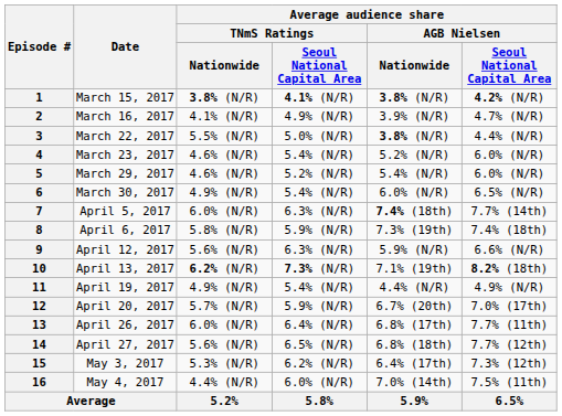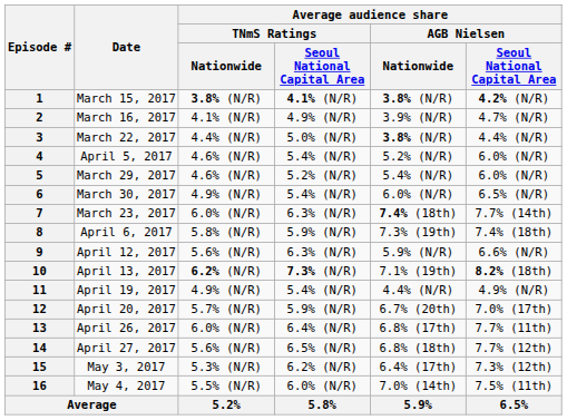 <table class="wikitable" style="text-align:center">
 <tr>
 <th rowspan="3">Episode #</th>
 <th rowspan="3">Date</th>
 <th colspan="4">Average audience share</th>
 </tr>
 <tr>
 <th colspan="2">TNmS Ratings</th>
 <th colspan="2">AGB Nielsen</th>
 </tr>
 <tr>
 <th width="100">Nationwide</th>
 <th width="100"><a href='#'>Seoul National Capital Area</a></th>
 <th width="100">Nationwide</th>
 <th width="100"><a href='#'>Seoul National Capital Area</a></th>
 </tr>
 <tr>
 <th>1</th>
 <td>March 15, 2017</td>
 <td><span><strong>3.8%</strong> (N/R)</span></td>
 <td><span><strong>4.1%</strong> (N/R)</span></td>
 <td><span><strong>3.8%</strong> (N/R)</span></td>
 <td><span><strong>4.2%</strong> (N/R)</span></td>
 </tr>
 <tr>
 <th>2</th>
 <td>March 16, 2017</td>
 <td>4.1% (N/R)</td>
 <td>4.9% (N/R)</td>
 <td>3.9% (N/R)</td>
 <td>4.7% (N/R)</td>
 </tr>
 <tr>
 <th>3</th>
 <td>March 22, 2017</td>
-<td>5.5% (N/R)</td>
+<td>4.4% (N/R)</td>
 <td>5.0% (N/R)</td>
 <td><span><strong>3.8%</strong> (N/R)</span></td>
 <td>4.4% (N/R)</td>
 </tr>
 <tr>
 <th>4</th>
-<td>March 23, 2017</td>
+<td>April 5, 2017</td>
 <td>4.6% (N/R)</td>
 <td>5.4% (N/R)</td>
 <td>5.2% (N/R)</td>
 <td>6.0% (N/R)</td>
 </tr>
 <tr>
 <th>5</th>
 <td>March 29, 2017</td>
 <td>4.6% (N/R)</td>
 <td>5.2% (N/R)</td>
 <td>5.4% (N/R)</td>
 <td>6.0% (N/R)</td>
 </tr>
 <tr>
 <th>6</th>
 <td>March 30, 2017</td>
 <td>4.9% (N/R)</td>
 <td>5.4% (N/R)</td>
 <td>6.0% (N/R)</td>
 <td>6.5% (N/R)</td>
 </tr>
 <tr>
 <th>7</th>
-<td>April 5, 2017</td>
+<td>March 23, 2017</td>
 <td>6.0% (N/R)</td>
 <td>6.3% (N/R)</td>
 <td><span><strong>7.4%</strong> (18th)</span></td>
 <td>7.7% (14th)</td>
 </tr>
 <tr>
 <th>8</th>
 <td>April 6, 2017</td>
 <td>5.8% (N/R)</td>
 <td>5.9% (N/R)</td>
 <td>7.3% (19th)</td>
 <td>7.4% (18th)</td>
 </tr>
 <tr>
 <th>9</th>
 <td>April 12, 2017</td>
 <td>5.6% (N/R)</td>
 <td>6.3% (N/R)</td>
 <td>5.9% (N/R)</td>
 <td>6.6% (N/R)</td>
 </tr>
 <tr>
 <th>10</th>
 <td>April 13, 2017</td>
 <td><span><strong>6.2%</strong> (N/R)</span></td>
 <td><span><strong>7.3%</strong> (N/R)</span></td>
 <td>7.1% (19th)</td>
 <td><span><strong>8.2%</strong> (18th)</span></td>
 </tr>
 <tr>
 <th>11</th>
 <td>April 19, 2017</td>
 <td>4.9% (N/R)</td>
 <td>5.4% (N/R)</td>
 <td>4.4% (N/R)</td>
 <td>4.9% (N/R)</td>
 </tr>
 <tr>
 <th>12</th>
 <td>April 20, 2017</td>
 <td>5.7% (N/R)</td>
 <td>5.9% (N/R)</td>
 <td>6.7% (20th)</td>
 <td>7.0% (17th)</td>
 </tr>
 <tr>
 <th>13</th>
 <td>April 26, 2017</td>
 <td>6.0% (N/R)</td>
 <td>6.4% (N/R)</td>
 <td>6.8% (17th)</td>
 <td>7.7% (11th)</td>
 </tr>
 <tr>
 <th>14</th>
 <td>April 27, 2017</td>
 <td>5.6% (N/R)</td>
 <td>6.5% (N/R)</td>
 <td>6.8% (18th)</td>
 <td>7.7% (12th)</td>
 </tr>
 <tr>
 <th>15</th>
 <td>May 3, 2017</td>
 <td>5.3% (N/R)</td>
 <td>6.2% (N/R)</td>
 <td>6.4% (17th)</td>
 <td>7.3% (12th)</td>
 </tr>
 <tr>
 <th>16</th>
 <td>May 4, 2017</td>
-<td>4.4% (N/R)</td>
+<td>5.5% (N/R)</td>
 <td>6.0% (N/R)</td>
 <td>7.0% (14th)</td>
 <td>7.5% (11th)</td>
 </tr>
 <tr>
 <th colspan="2">Average</th>
 <th>5.2%</th>
 <th>5.8%</th>
 <th>5.9%</th>
 <th>6.5%</th>
 </tr>
 </table>
